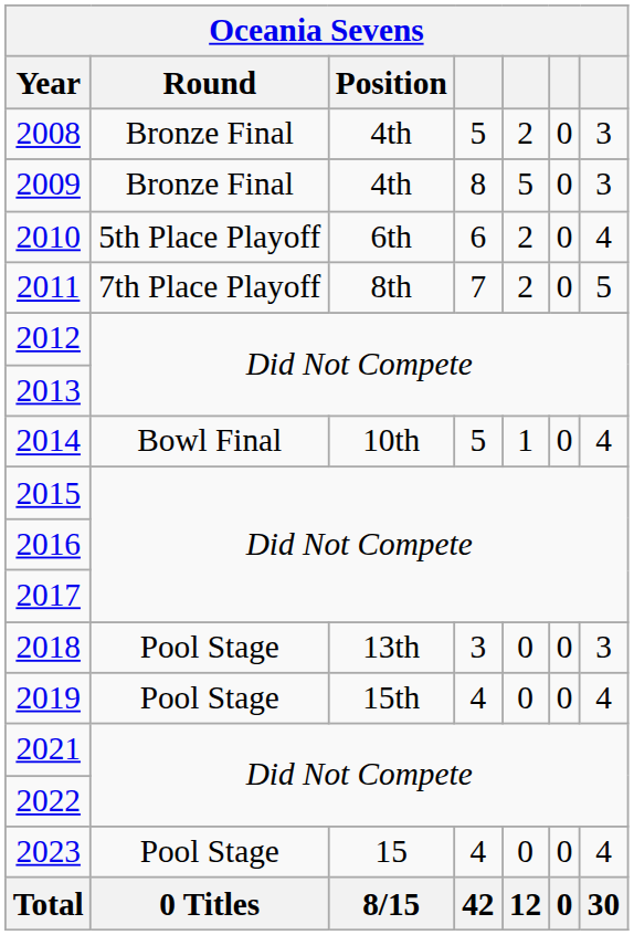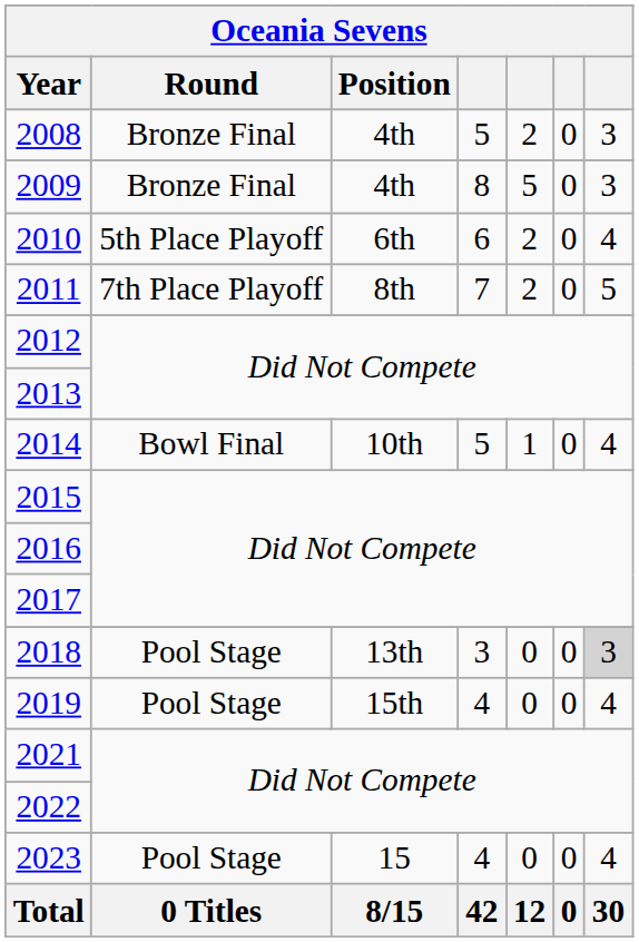 <table class="wikitable" style="text-align: center;">
 <tr>
 <th colspan="7"><a href='#'>Oceania Sevens</a></th>
 </tr>
 <tr>
 <th>Year</th>
 <th>Round</th>
 <th>Position</th>
 <th></th>
 <th></th>
 <th></th>
 <th></th>
 </tr>
 <tr>
 <td> <a href='#'>2008</a></td>
 <td>Bronze Final</td>
 <td>4th</td>
 <td>5</td>
 <td>2</td>
 <td>0</td>
 <td>3</td>
 </tr>
 <tr>
 <td> <a href='#'>2009</a></td>
 <td>Bronze Final</td>
 <td>4th</td>
 <td>8</td>
 <td>5</td>
 <td>0</td>
 <td>3</td>
 </tr>
 <tr>
 <td> <a href='#'>2010</a></td>
 <td>5th Place Playoff</td>
 <td>6th</td>
 <td>6</td>
 <td>2</td>
 <td>0</td>
 <td>4</td>
 </tr>
 <tr>
 <td> <a href='#'>2011</a></td>
 <td>7th Place Playoff</td>
 <td>8th</td>
 <td>7</td>
 <td>2</td>
 <td>0</td>
 <td>5</td>
 </tr>
 <tr>
 <td> <a href='#'>2012</a></td>
 <td colspan="6" rowspan="2"><em>Did Not Compete</em></td>
 </tr>
 <tr>
 <td> <a href='#'>2013</a></td>
 </tr>
 <tr>
 <td> <a href='#'>2014</a></td>
 <td>Bowl Final</td>
 <td>10th</td>
 <td>5</td>
 <td>1</td>
 <td>0</td>
 <td>4</td>
 </tr>
 <tr>
 <td> <a href='#'>2015</a></td>
 <td colspan="6" rowspan="3"><em>Did Not Compete</em></td>
 </tr>
 <tr>
 <td> <a href='#'>2016</a></td>
 </tr>
 <tr>
 <td> <a href='#'>2017</a></td>
 </tr>
 <tr>
 <td> <a href='#'>2018</a></td>
 <td>Pool Stage</td>
 <td>13th</td>
 <td>3</td>
 <td>0</td>
 <td>0</td>
-<td>3</td>
+<td style="background: lightgrey;">3</td>
 </tr>
 <tr>
 <td> <a href='#'>2019</a></td>
 <td>Pool Stage</td>
 <td>15th</td>
 <td>4</td>
 <td>0</td>
 <td>0</td>
 <td>4</td>
 </tr>
 <tr>
 <td> <a href='#'>2021</a></td>
 <td colspan="6" rowspan="2"><em>Did Not Compete</em></td>
 </tr>
 <tr>
 <td> <a href='#'>2022</a></td>
 </tr>
 <tr>
 <td> <a href='#'>2023</a></td>
 <td>Pool Stage</td>
 <td>15</td>
 <td>4</td>
 <td>0</td>
 <td>0</td>
 <td>4</td>
 </tr>
 <tr>
 <th>Total</th>
 <th>0 Titles</th>
 <th>8/15</th>
 <th>42</th>
 <th>12</th>
 <th>0</th>
 <th>30</th>
 </tr>
 </table>
